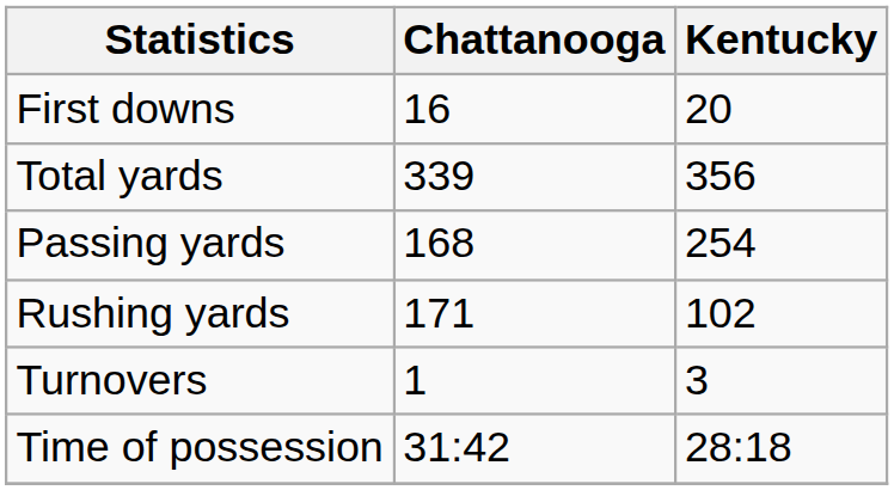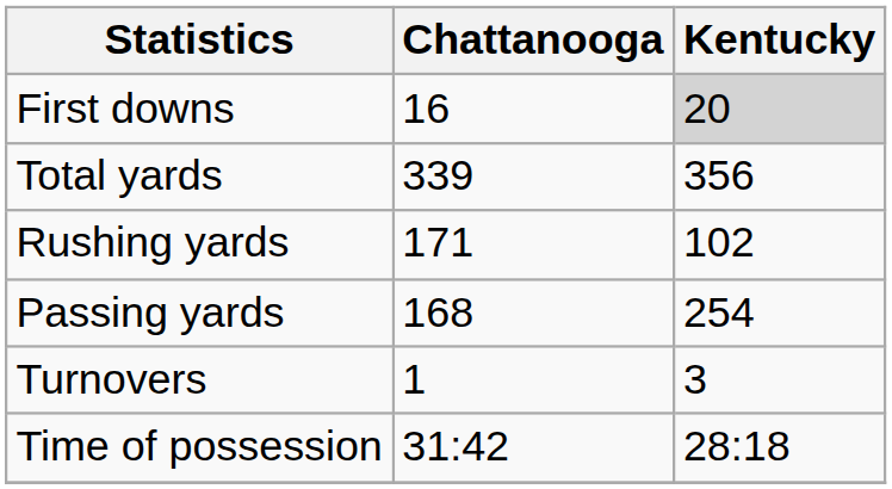 <table class="wikitable" style="float: left;">
 <tr>
 <th>Statistics</th>
 <th>Chattanooga</th>
 <th>Kentucky</th>
 </tr>
 <tr>
 <td>First downs</td>
 <td>16</td>
-<td>20</td>
+<td style="background: lightgrey;">20</td>
 </tr>
 <tr>
 <td>Total yards</td>
 <td>339</td>
 <td>356</td>
 </tr>
 <tr>
+<td>Rushing yards</td>
+<td>171</td>
+<td>102</td>
+</tr>
+<tr>
 <td>Passing yards</td>
 <td>168</td>
 <td>254</td>
-</tr>
-<tr>
-<td>Rushing yards</td>
-<td>171</td>
-<td>102</td>
 </tr>
 <tr>
 <td>Turnovers</td>
 <td>1</td>
 <td>3</td>
 </tr>
 <tr>
 <td>Time of possession</td>
 <td>31:42</td>
 <td>28:18</td>
 </tr>
 <tr>
 </tr>
 </table>
